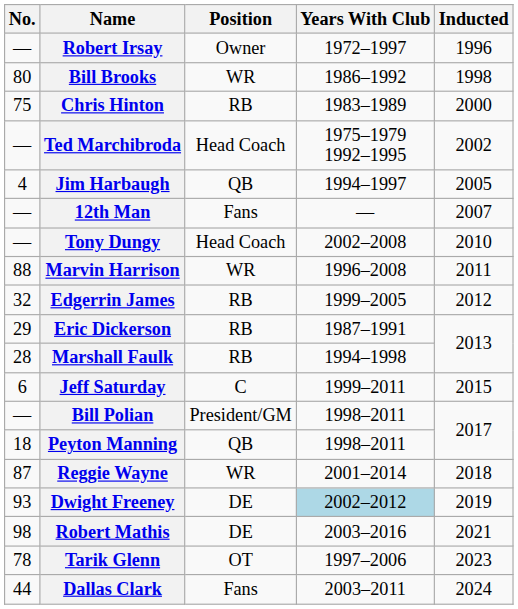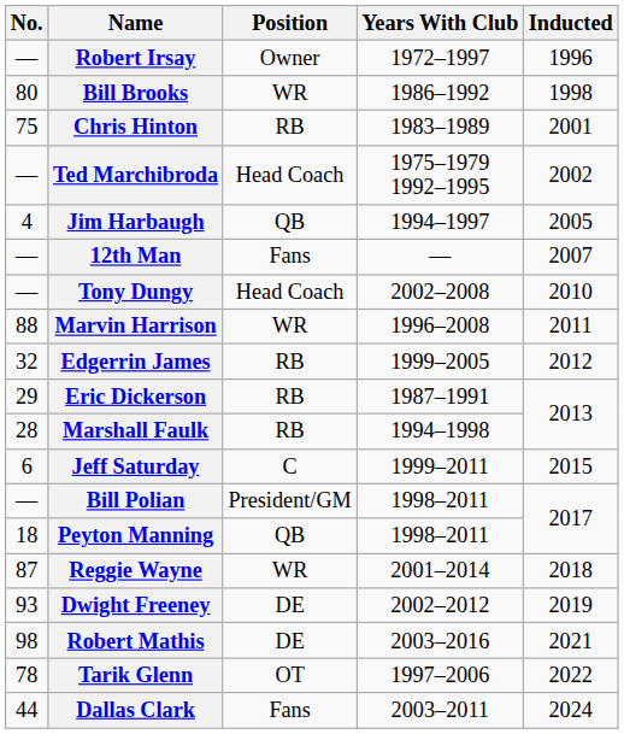 <table class="wikitable plainrowheaders " style="text-align:center">
 <tr>
 <th scope="col"><strong>No.</strong></th>
 <th scope="col"><strong>Name</strong></th>
 <th scope="col"><strong>Position </strong></th>
 <th scope="col"><strong>Years With Club</strong></th>
 <th scope="col"><strong>Inducted</strong></th>
 </tr>
 <tr>
 <td>—</td>
 <th scope="row"><a href='#'>Robert Irsay</a></th>
 <td>Owner</td>
 <td>1972–1997</td>
 <td>1996</td>
 </tr>
 <tr>
 <td>80</td>
 <th scope="row"><a href='#'>Bill Brooks</a></th>
 <td>WR</td>
 <td>1986–1992</td>
 <td>1998</td>
 </tr>
 <tr>
 <td>75</td>
 <th scope="row"><a href='#'>Chris Hinton</a></th>
 <td>RB</td>
 <td>1983–1989</td>
-<td>2000</td>
+<td>2001</td>
 </tr>
 <tr>
 <td>—</td>
 <th scope="row"><a href='#'>Ted Marchibroda</a></th>
 <td>Head Coach</td>
 <td>1975–1979<br>1992–1995</td>
 <td>2002</td>
 </tr>
 <tr>
 <td>4</td>
 <th scope="row"><a href='#'>Jim Harbaugh</a></th>
 <td>QB</td>
 <td>1994–1997</td>
 <td>2005</td>
 </tr>
 <tr>
 <td>—</td>
 <th scope="row"><a href='#'>12th Man</a></th>
 <td>Fans</td>
 <td>—</td>
 <td>2007</td>
 </tr>
 <tr>
 <td>—</td>
 <th scope="row"><a href='#'>Tony Dungy</a></th>
 <td>Head Coach</td>
 <td>2002–2008</td>
 <td>2010</td>
 </tr>
 <tr>
 <td>88</td>
 <th scope="row"><a href='#'>Marvin Harrison</a></th>
 <td>WR</td>
 <td>1996–2008</td>
 <td>2011</td>
 </tr>
 <tr>
 <td>32</td>
 <th scope="row"><a href='#'>Edgerrin James</a></th>
 <td>RB</td>
 <td>1999–2005</td>
 <td>2012</td>
 </tr>
 <tr>
 <td>29</td>
 <th scope="row"><a href='#'>Eric Dickerson</a></th>
 <td>RB</td>
 <td>1987–1991</td>
 <td rowspan=2>2013</td>
 </tr>
 <tr>
 <td>28</td>
 <th scope="row"><a href='#'>Marshall Faulk</a></th>
 <td>RB</td>
 <td>1994–1998</td>
 </tr>
 <tr>
 <td>6</td>
 <th scope="row"><a href='#'>Jeff Saturday</a></th>
 <td>C</td>
 <td>1999–2011</td>
 <td>2015</td>
 </tr>
 <tr>
 <td>—</td>
 <th scope="row"><a href='#'>Bill Polian</a></th>
 <td>President/GM</td>
 <td>1998–2011</td>
 <td rowspan=2>2017</td>
 </tr>
 <tr>
 <td>18</td>
 <th scope="row"><a href='#'>Peyton Manning</a></th>
 <td>QB</td>
 <td>1998–2011</td>
 </tr>
 <tr>
 <td>87</td>
 <th scope="row"><a href='#'>Reggie Wayne</a></th>
 <td>WR</td>
 <td>2001–2014</td>
 <td>2018</td>
 </tr>
 <tr>
 <td>93</td>
 <th scope="row"><a href='#'>Dwight Freeney</a></th>
 <td>DE</td>
-<td style="background: lightblue;">2002–2012</td>
+<td>2002–2012</td>
 <td>2019</td>
 </tr>
 <tr>
 <td>98</td>
 <th scope="row"><a href='#'>Robert Mathis</a></th>
 <td>DE</td>
 <td>2003–2016</td>
 <td>2021</td>
 </tr>
 <tr>
 <td>78</td>
 <th scope="row"><a href='#'>Tarik Glenn</a></th>
 <td>OT</td>
 <td>1997–2006</td>
-<td>2023</td>
+<td>2022</td>
 </tr>
 <tr>
 <td>44</td>
 <th scope="row"><a href='#'>Dallas Clark</a></th>
 <td>Fans</td>
 <td>2003–2011</td>
 <td>2024</td>
 </tr>
 </table>
